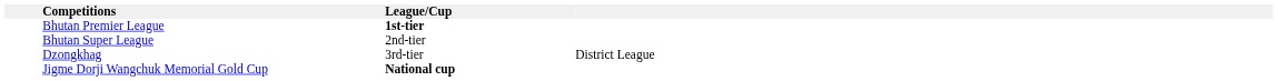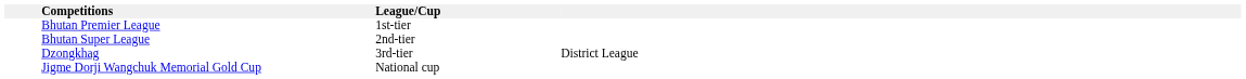 <table width="100%" cellspacing="0" cellpadding="0">
 <tr bgcolor="F0F0F0">
 <th width="3%" align="left"></th>
 <th width="27%" align="left">Competitions</th>
 <th width="15%" align="left">League/Cup</th>
 <th width="55%" align="left"></th>
 </tr>
 <tr>
 <td></td>
 <td><a href='#'>Bhutan Premier League</a></td>
-<td><strong>1st-tier</strong></td>
+<td>1st-tier</td>
 </tr>
 <tr>
 <td></td>
 <td><a href='#'>Bhutan Super League</a></td>
 <td>2nd-tier</td>
 </tr>
 <tr>
 <td></td>
 <td><a href='#'>Dzongkhag</a></td>
 <td>3rd-tier</td>
 <td>District League</td>
 </tr>
 <tr>
 <td></td>
 <td><a href='#'>Jigme Dorji Wangchuk Memorial Gold Cup</a></td>
-<td><strong>National cup</strong></td>
+<td>National cup</td>
 </tr>
 </table>
